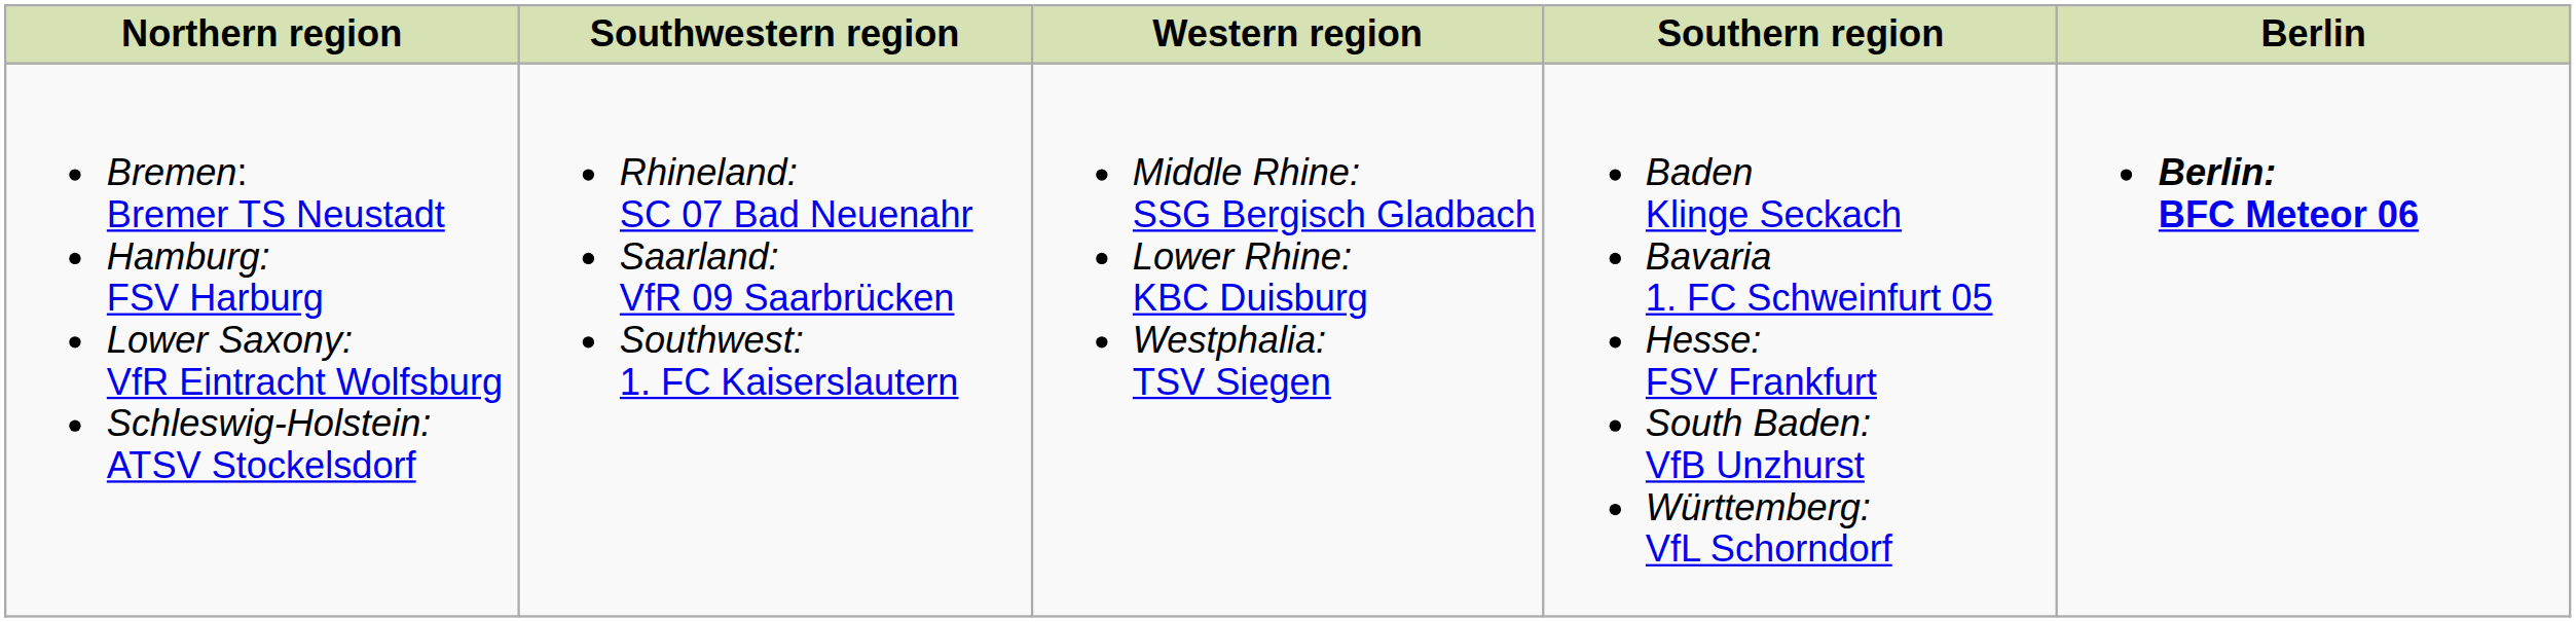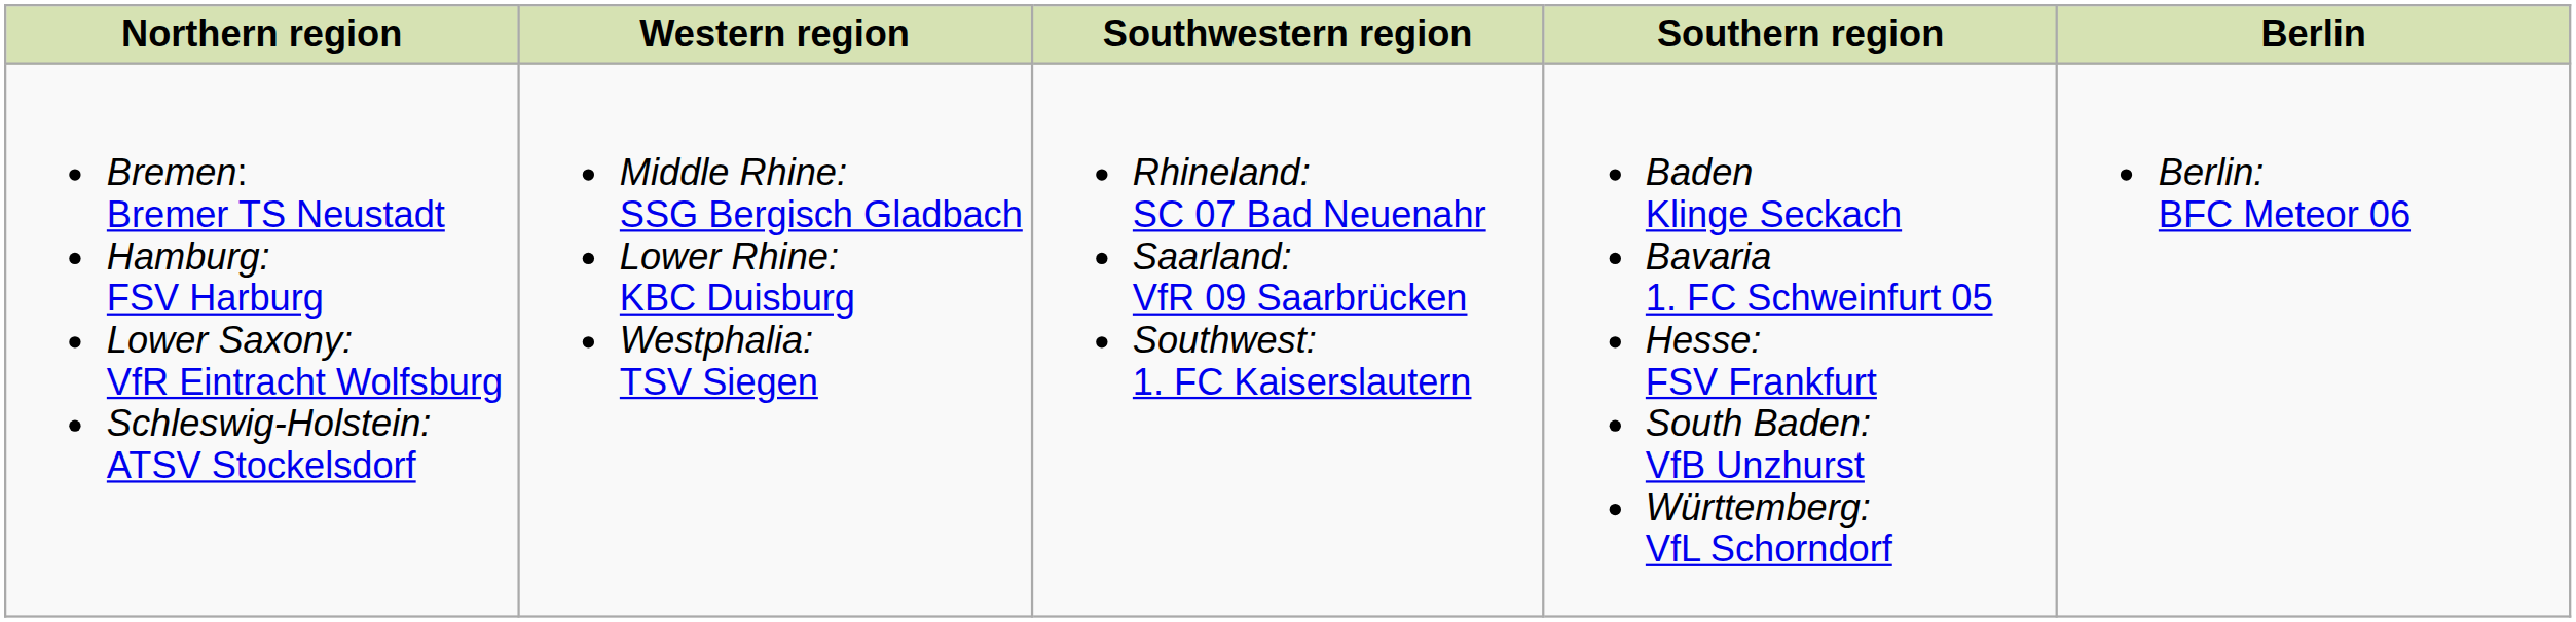 <table class="wikitable">
 <tr valign="top" style="background-color: #d6e2b3;">
 <td style="width: 20%; text-align:center;"><strong>Northern region</strong></td>
+<td style="width: 20%; text-align:center;"><strong>Western region</strong></td>
 <td style="width: 20%; text-align:center;"><strong>Southwestern region</strong></td>
-<td style="width: 20%; text-align:center;"><strong>Western region</strong></td>
 <td style="width: 20%; text-align:center;"><strong>Southern region</strong></td>
 <td style="width: 20%; text-align:center;"><strong>Berlin</strong></td>
 </tr>
 <tr valign="top">
 <td><br><ul><li><em>Bremen</em>:<br><a href='#'>Bremer TS Neustadt</a></li><li><em>Hamburg:</em><br><a href='#'>FSV Harburg</a></li><li><em>Lower Saxony:</em><br><a href='#'>VfR Eintracht Wolfsburg</a></li><li><em>Schleswig-Holstein:</em><br><a href='#'>ATSV Stockelsdorf</a></li></ul></td>
+<td><br><ul><li><em>Middle Rhine:</em><br><a href='#'>SSG Bergisch Gladbach</a></li><li><em>Lower Rhine:</em><br><a href='#'>KBC Duisburg</a></li><li><em>Westphalia:</em><br><a href='#'>TSV Siegen</a></li></ul></td>
 <td><br><ul><li><em>Rhineland:</em><br><a href='#'>SC 07 Bad Neuenahr</a></li><li><em>Saarland:</em> <br><a href='#'>VfR 09 Saarbrücken</a></li><li><em>Southwest:</em><br><a href='#'>1. FC Kaiserslautern</a></li></ul></td>
-<td><br><ul><li><em>Middle Rhine:</em><br><a href='#'>SSG Bergisch Gladbach</a></li><li><em>Lower Rhine:</em><br><a href='#'>KBC Duisburg</a></li><li><em>Westphalia:</em><br><a href='#'>TSV Siegen</a></li></ul></td>
 <td><br><ul><li><em>Baden</em><br><a href='#'>Klinge Seckach</a></li><li><em>Bavaria</em><br><a href='#'>1. FC Schweinfurt 05</a></li><li><em>Hesse:</em><br><a href='#'>FSV Frankfurt</a></li><li><em>South Baden:</em><br><a href='#'>VfB Unzhurst</a></li><li><em>Württemberg:</em><br><a href='#'>VfL Schorndorf</a></li></ul></td>
-<td><strong><br><ul><li><em>Berlin:</em><br><a href='#'>BFC Meteor 06</a></li></ul></strong></td>
+<td><br><ul><li><em>Berlin:</em><br><a href='#'>BFC Meteor 06</a></li></ul></td>
 </tr>
 </table>
